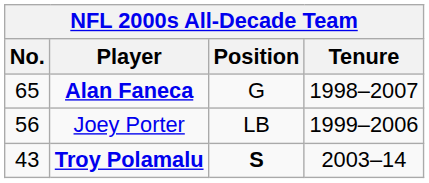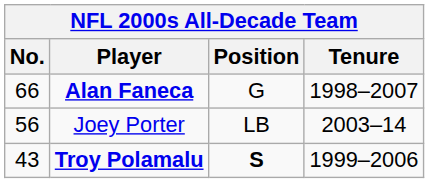 <table class="wikitable" style="text-align:center">
 <tr>
 <th colspan="4"><a href='#'><span>NFL 2000s All-Decade Team</span></a></th>
 </tr>
 <tr>
 <th>No.</th>
 <th>Player</th>
 <th>Position</th>
 <th>Tenure</th>
 </tr>
 <tr>
-<td>65</td>
+<td>66</td>
 <td><strong><a href='#'>Alan Faneca</a></strong></td>
 <td>G</td>
 <td>1998–2007</td>
 </tr>
 <tr>
 <td>56</td>
 <td><a href='#'>Joey Porter</a></td>
 <td>LB</td>
-<td>1999–2006</td>
+<td>2003–14</td>
 </tr>
 <tr>
 <td>43</td>
 <td><strong><a href='#'>Troy Polamalu</a></strong></td>
 <td><strong>S</strong></td>
-<td>2003–14</td>
+<td>1999–2006</td>
 </tr>
 </table>
